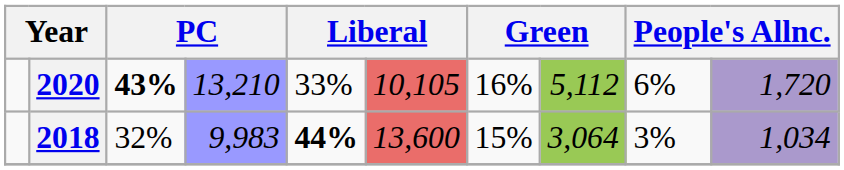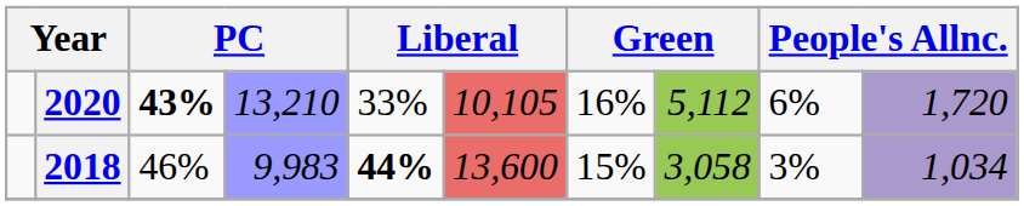 <table class="wikitable" style="float:right; width:400; font-size:90%; margin-left:1em;">
 <tr>
 <th colspan="2" scope="col">Year</th>
 <th colspan="2" scope="col"><a href='#'>PC</a></th>
 <th colspan="2" scope="col"><a href='#'>Liberal</a></th>
 <th colspan="2" scope="col"><a href='#'>Green</a></th>
 <th colspan="2" scope="col"><a href='#'>People's Allnc.</a></th>
 </tr>
 <tr>
 <td style="width: 0.25em; background-color: "></td>
 <th><a href='#'>2020</a></th>
 <td><strong>43%</strong></td>
 <td style="text-align:right; background:#9999FF;"><em>13,210</em></td>
 <td>33%</td>
 <td style="text-align:right; background:#EA6D6A;"><em>10,105</em></td>
 <td>16%</td>
 <td style="text-align:right; background:#99C955;"><em>5,112</em></td>
 <td>6%</td>
 <td style="text-align:right; background:#AA99CC;"><em>1,720</em></td>
 </tr>
 <tr>
 <td style="width: 0.25em; background-color: "></td>
 <th><a href='#'>2018</a></th>
-<td>32%</td>
+<td>46%</td>
 <td style="text-align:right; background:#9999FF;"><em>9,983</em></td>
 <td><strong>44%</strong></td>
 <td style="text-align:right; background:#EA6D6A;"><em>13,600</em></td>
 <td>15%</td>
-<td style="text-align:right; background:#99C955;"><em>3,064</em></td>
+<td style="text-align:right; background:#99C955;"><em>3,058</em></td>
 <td>3%</td>
 <td style="text-align:right; background:#AA99CC;"><em>1,034</em></td>
 </tr>
 <tr>
 </tr>
 </table>
